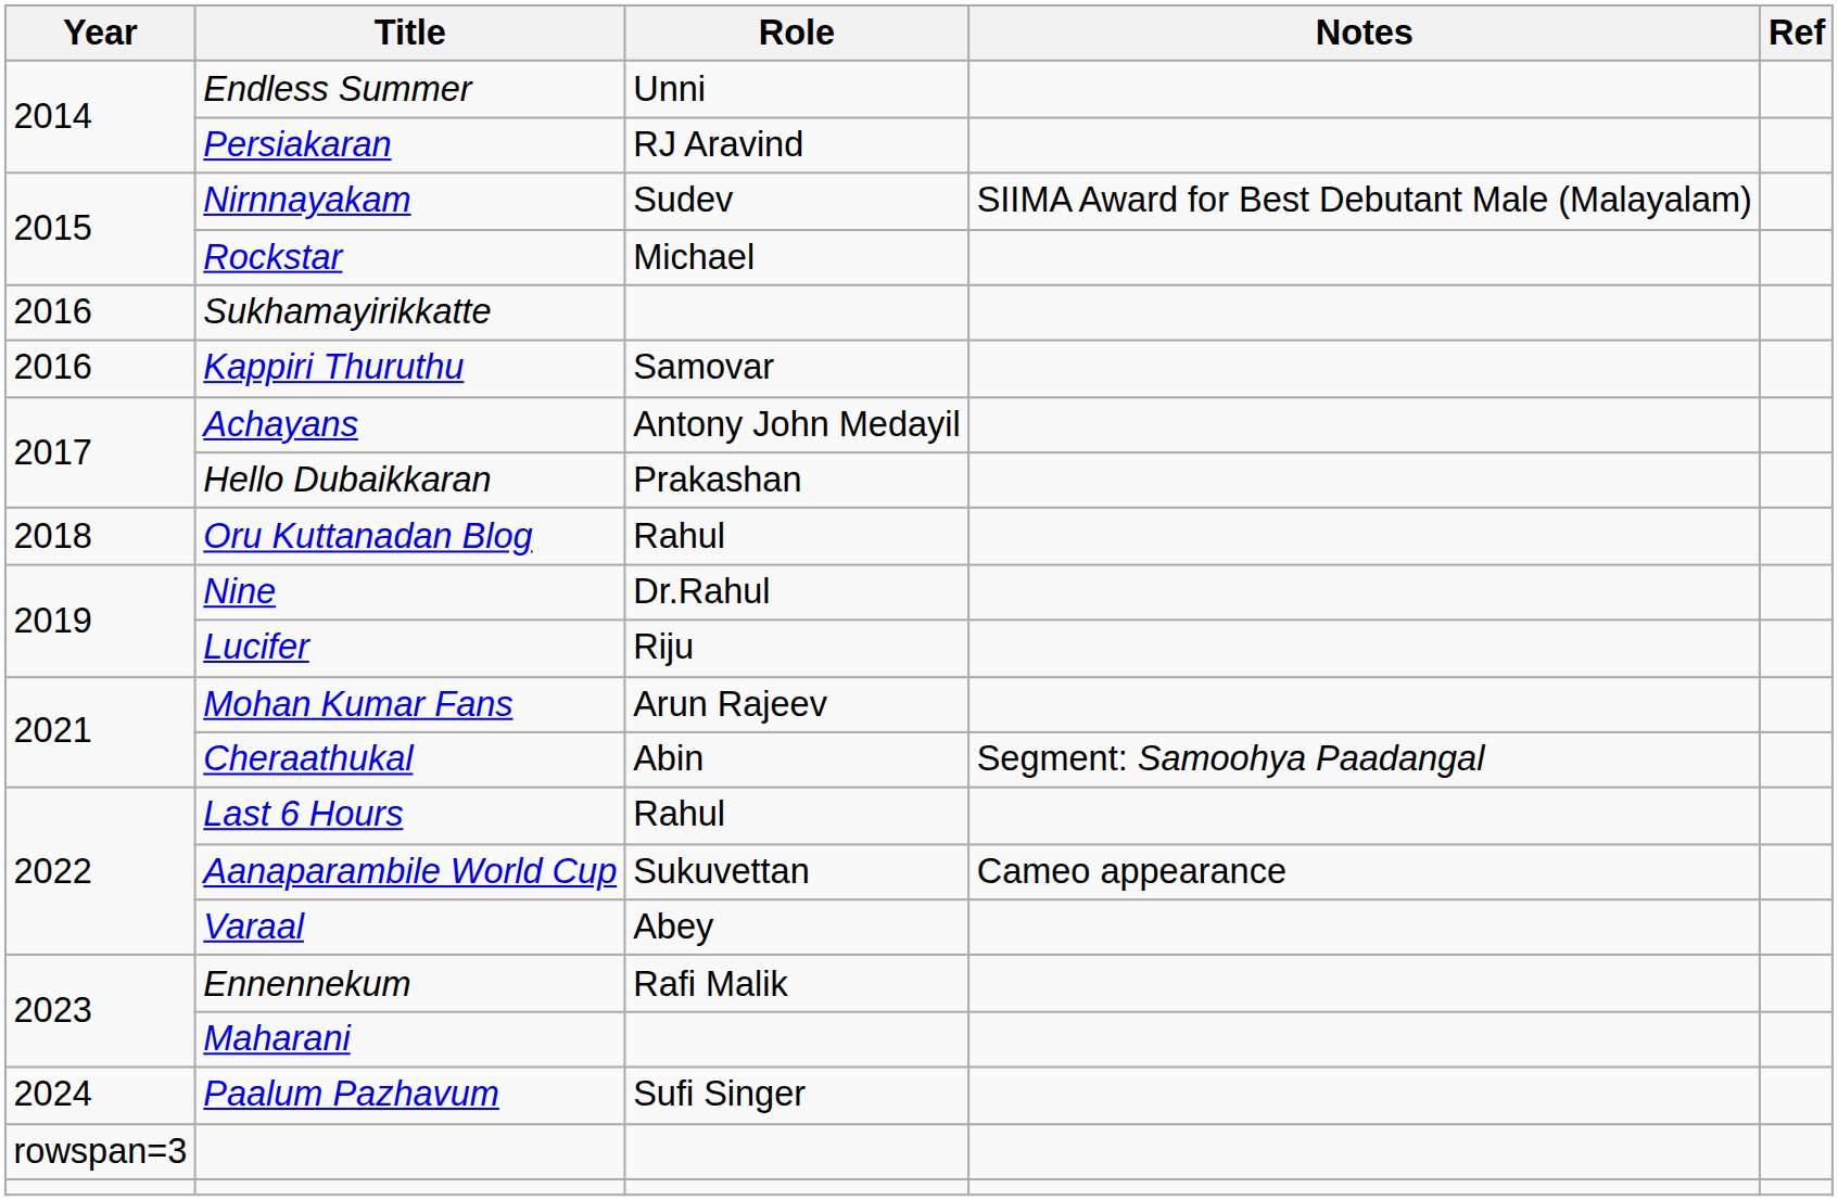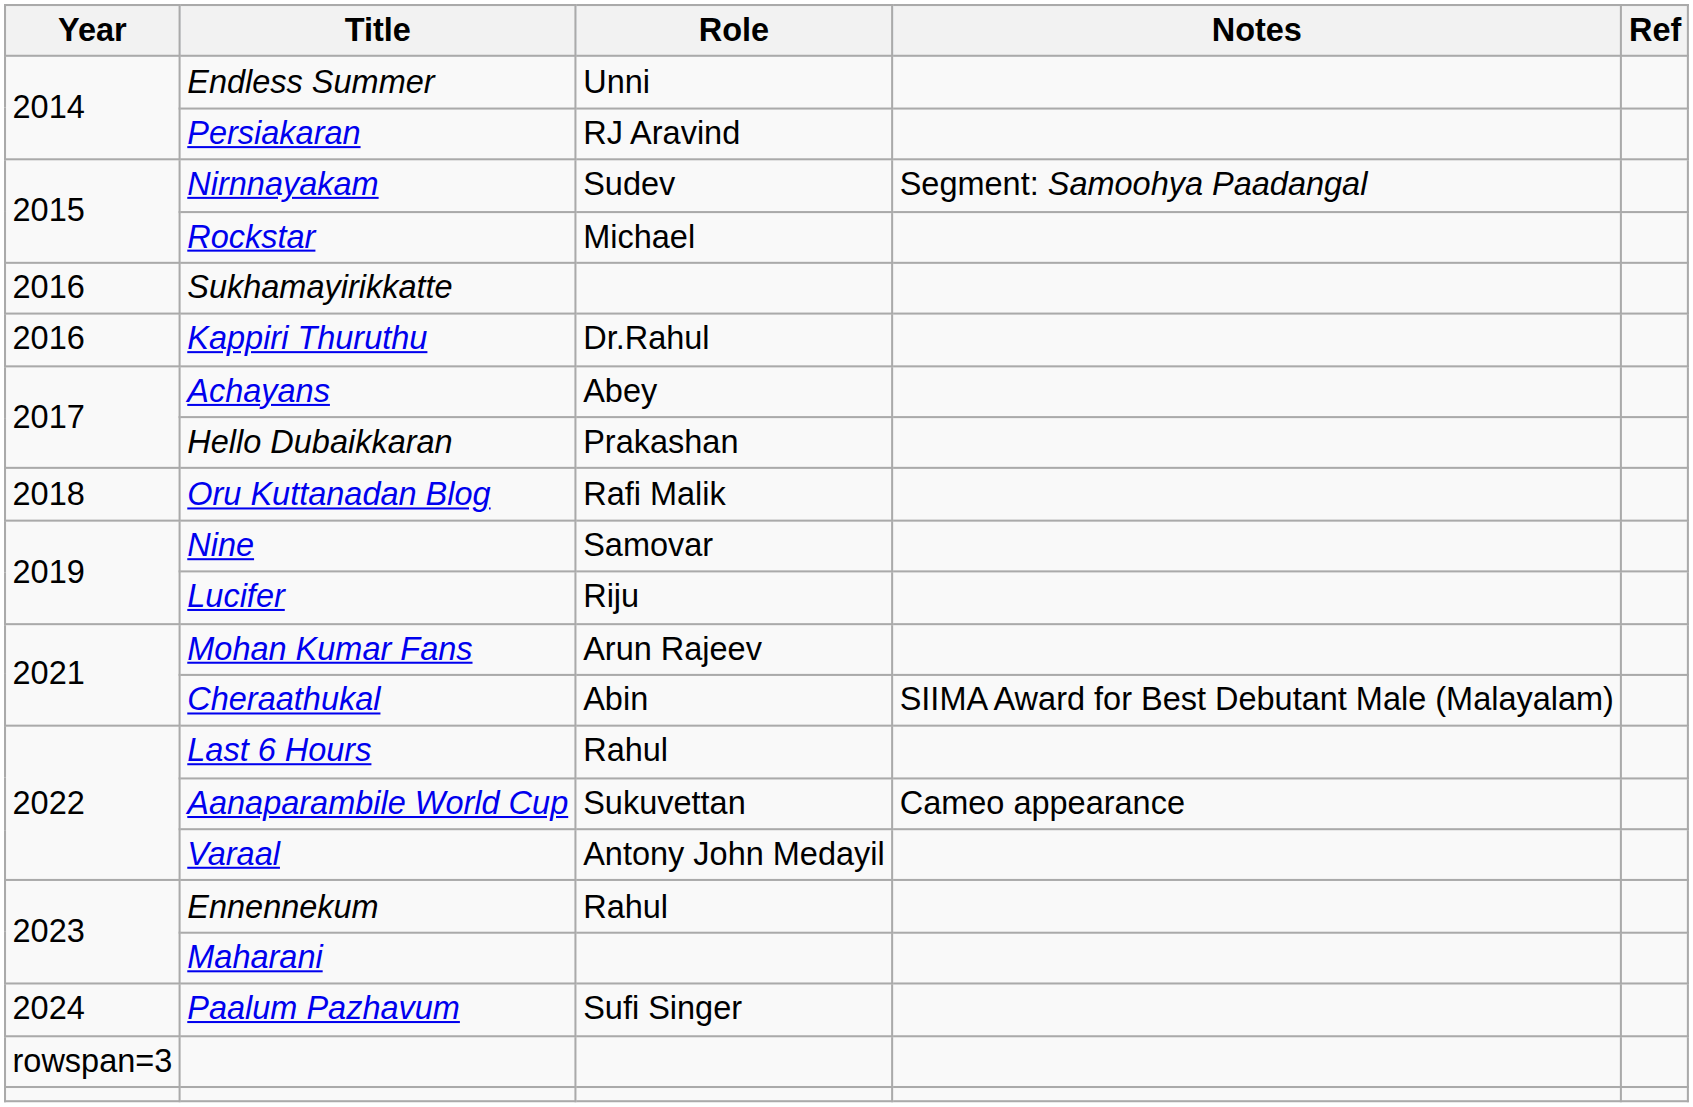 <table class="wikitable">
 <tr style="background:#d1e4fd;">
 <th>Year</th>
 <th>Title</th>
 <th>Role</th>
 <th>Notes</th>
 <th>Ref</th>
 </tr>
 <tr>
 <td rowspan="2">2014</td>
 <td><em>Endless Summer</em></td>
 <td>Unni</td>
 <td></td>
 <td></td>
 </tr>
 <tr>
 <td><em><a href='#'>Persiakaran</a></em></td>
 <td>RJ Aravind</td>
 <td></td>
 <td></td>
 </tr>
 <tr>
 <td rowspan="2">2015</td>
 <td><em><a href='#'>Nirnnayakam</a></em></td>
 <td>Sudev</td>
-<td> SIIMA Award for Best Debutant Male (Malayalam)</td>
+<td>Segment: <em>Samoohya Paadangal</em></td>
 <td></td>
 </tr>
 <tr>
 <td><em><a href='#'>Rockstar</a></em></td>
 <td>Michael</td>
 <td></td>
 <td></td>
 </tr>
 <tr>
 <td>2016</td>
 <td><em>Sukhamayirikkatte</em></td>
 <td></td>
 <td></td>
 <td></td>
 </tr>
 <tr>
 <td>2016</td>
 <td><em><a href='#'>Kappiri Thuruthu</a></em></td>
-<td>Samovar</td>
+<td>Dr.Rahul</td>
 <td></td>
 <td></td>
 </tr>
 <tr>
 <td rowspan="2">2017</td>
 <td><em><a href='#'>Achayans</a></em></td>
-<td>Antony John Medayil</td>
+<td>Abey</td>
 <td></td>
 <td></td>
 </tr>
 <tr>
 <td><em>Hello Dubaikkaran</em></td>
 <td>Prakashan</td>
 <td></td>
 <td></td>
 </tr>
 <tr>
 <td>2018</td>
 <td><em><a href='#'>Oru Kuttanadan Blog</a></em></td>
-<td>Rahul</td>
+<td>Rafi Malik</td>
 <td></td>
 <td></td>
 </tr>
 <tr>
 <td rowspan="2">2019</td>
 <td><em><a href='#'>Nine</a></em></td>
-<td>Dr.Rahul</td>
+<td>Samovar</td>
 <td></td>
 <td></td>
 </tr>
 <tr>
 <td><em><a href='#'>Lucifer</a></em></td>
 <td>Riju</td>
 <td></td>
 <td></td>
 </tr>
 <tr>
 <td rowspan="2">2021</td>
 <td><em><a href='#'>Mohan Kumar Fans</a></em></td>
 <td>Arun Rajeev</td>
 <td></td>
 <td></td>
 </tr>
 <tr>
 <td><em><a href='#'>Cheraathukal</a></em></td>
 <td>Abin</td>
-<td>Segment: <em>Samoohya Paadangal</em></td>
+<td> SIIMA Award for Best Debutant Male (Malayalam)</td>
 <td></td>
 </tr>
 <tr>
 <td rowspan=3>2022</td>
 <td><em><a href='#'>Last 6 Hours</a></em></td>
 <td>Rahul</td>
 <td></td>
 <td></td>
 </tr>
 <tr>
 <td><em><a href='#'>Aanaparambile World Cup</a></em></td>
 <td>Sukuvettan</td>
 <td>Cameo appearance</td>
 <td></td>
 </tr>
 <tr>
 <td><a href='#'><em>Varaal</em></a></td>
-<td>Abey</td>
+<td>Antony John Medayil</td>
 <td></td>
 <td></td>
 </tr>
 <tr>
 <td rowspan=2>2023</td>
 <td><em>Ennennekum</em></td>
-<td>Rafi Malik</td>
+<td>Rahul</td>
 <td></td>
 <td></td>
 </tr>
 <tr>
 <td><em><a href='#'>Maharani</a></em></td>
 <td></td>
 <td></td>
 <td></td>
 </tr>
 <tr>
 <td>2024</td>
 <td><em><a href='#'>Paalum Pazhavum</a></em></td>
 <td>Sufi Singer</td>
 <td></td>
 <td></td>
 </tr>
 <tr>
 <td>rowspan=3 </td>
 <td></td>
 <td></td>
 <td></td>
 <td></td>
 </tr>
 <tr>
 <td></td>
 <td></td>
 <td></td>
 <td></td>
 </tr>
 </table>
